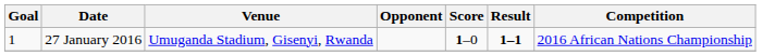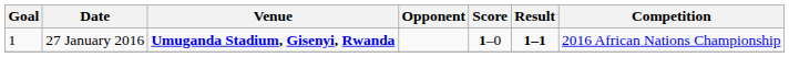 <table class="wikitable plainrowheaders sortable">
 <tr>
 <th>Goal</th>
 <th>Date</th>
 <th>Venue</th>
 <th>Opponent</th>
 <th>Score</th>
 <th>Result</th>
 <th>Competition</th>
 </tr>
 <tr>
 <td>1</td>
 <td>27 January 2016</td>
-<td><a href='#'>Umuganda Stadium</a>, <a href='#'>Gisenyi</a>, <a href='#'>Rwanda</a></td>
+<td><strong><a href='#'>Umuganda Stadium</a>, <a href='#'>Gisenyi</a>, <a href='#'>Rwanda</a></strong></td>
 <td></td>
 <td align=center><strong>1</strong>–0</td>
 <td align=center><strong>1–1</strong></td>
 <td><a href='#'>2016 African Nations Championship</a></td>
 </tr>
 <tr>
 </tr>
 </table>
